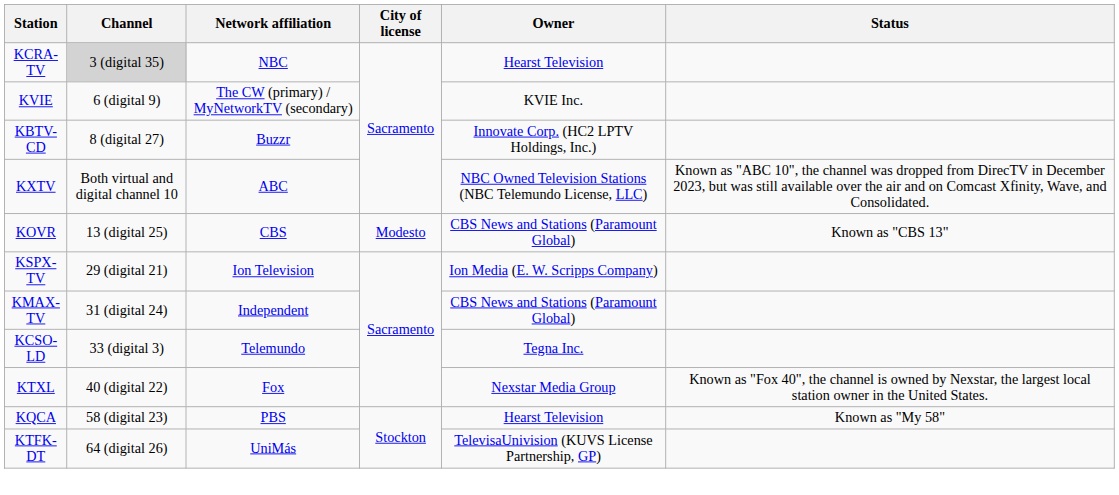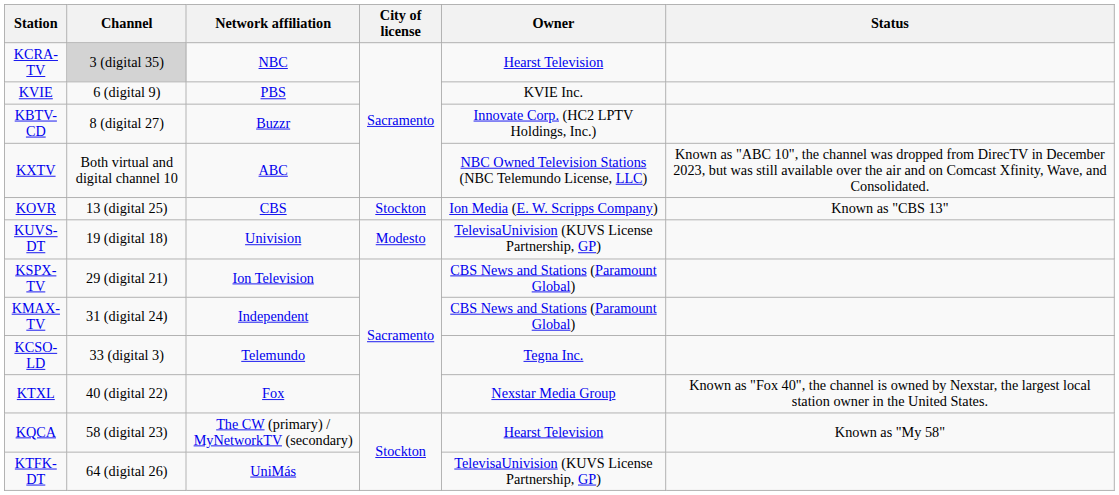 <table class="wikitable" style="text-align:center; margin-center:50px">
 <tr>
 <th>Station</th>
 <th>Channel</th>
 <th>Network affiliation</th>
 <th>City of license</th>
 <th>Owner</th>
 <th>Status</th>
 </tr>
 <tr>
 <td><a href='#'>KCRA-TV</a></td>
 <td style="background: lightgrey;">3 (digital 35)</td>
 <td><a href='#'>NBC</a></td>
 <td rowspan="4"><a href='#'>Sacramento</a></td>
 <td><a href='#'>Hearst Television</a></td>
 <td></td>
 </tr>
 <tr>
 <td><a href='#'>KVIE</a></td>
 <td>6 (digital 9)</td>
-<td><a href='#'>The CW</a> (primary) / <a href='#'>MyNetworkTV</a> (secondary)</td>
+<td><a href='#'>PBS</a></td>
 <td>KVIE Inc.</td>
 <td></td>
 </tr>
 <tr>
 <td><a href='#'>KBTV-CD</a></td>
 <td>8 (digital 27)</td>
 <td><a href='#'>Buzzr</a></td>
 <td><a href='#'>Innovate Corp.</a> (HC2 LPTV Holdings, Inc.)</td>
 <td></td>
 </tr>
 <tr>
 <td><a href='#'>KXTV</a></td>
 <td>Both virtual and digital channel 10</td>
 <td><a href='#'>ABC</a></td>
 <td><a href='#'>NBC Owned Television Stations</a> (NBC Telemundo License, <a href='#'>LLC</a>)</td>
 <td>Known as "ABC 10", the channel was dropped from DirecTV in December 2023, but was still available over the air and on Comcast Xfinity, Wave, and Consolidated.</td>
 </tr>
 <tr>
 <td><a href='#'>KOVR</a></td>
 <td>13 (digital 25)</td>
 <td><a href='#'>CBS</a></td>
+<td><a href='#'>Stockton</a></td>
+<td><a href='#'>Ion Media</a> (<a href='#'>E. W. Scripps Company</a>)</td>
+<td>Known as "CBS 13"</td>
+</tr>
+<tr>
+<td><a href='#'>KUVS-DT</a></td>
+<td>19 (digital 18)</td>
+<td><a href='#'>Univision</a></td>
 <td><a href='#'>Modesto</a></td>
-<td><a href='#'>CBS News and Stations</a> (<a href='#'>Paramount Global</a>)</td>
-<td>Known as "CBS 13"</td>
+<td><a href='#'>TelevisaUnivision</a> (KUVS License Partnership, <a href='#'>GP</a>)</td>
+<td></td>
 </tr>
 <tr>
 <td><a href='#'>KSPX-TV</a></td>
 <td>29 (digital 21)</td>
 <td><a href='#'>Ion Television</a></td>
 <td rowspan="4"><a href='#'>Sacramento</a></td>
-<td><a href='#'>Ion Media</a> (<a href='#'>E. W. Scripps Company</a>)</td>
+<td><a href='#'>CBS News and Stations</a> (<a href='#'>Paramount Global</a>)</td>
 <td></td>
 </tr>
 <tr>
 <td><a href='#'>KMAX-TV</a></td>
 <td>31 (digital 24)</td>
 <td><a href='#'>Independent</a></td>
 <td><a href='#'>CBS News and Stations</a> (<a href='#'>Paramount Global</a>)</td>
 <td></td>
 </tr>
 <tr>
 <td><a href='#'>KCSO-LD</a></td>
 <td>33 (digital 3)</td>
 <td><a href='#'>Telemundo</a></td>
 <td><a href='#'>Tegna Inc.</a></td>
 <td></td>
 </tr>
 <tr>
 <td><a href='#'>KTXL</a></td>
 <td>40 (digital 22)</td>
 <td><a href='#'>Fox</a></td>
 <td><a href='#'>Nexstar Media Group</a></td>
 <td>Known as "Fox 40", the channel is owned by Nexstar, the largest local station owner in the United States.</td>
 </tr>
 <tr>
 <td><a href='#'>KQCA</a></td>
 <td>58 (digital 23)</td>
-<td><a href='#'>PBS</a></td>
+<td><a href='#'>The CW</a> (primary) / <a href='#'>MyNetworkTV</a> (secondary)</td>
 <td rowspan="2"><a href='#'>Stockton</a></td>
 <td><a href='#'>Hearst Television</a></td>
 <td>Known as "My 58"</td>
 </tr>
 <tr>
 <td><a href='#'>KTFK-DT</a></td>
 <td>64 (digital 26)</td>
 <td><a href='#'>UniMás</a></td>
 <td><a href='#'>TelevisaUnivision</a> (KUVS License Partnership, <a href='#'>GP</a>)</td>
 <td></td>
 </tr>
 </table>
